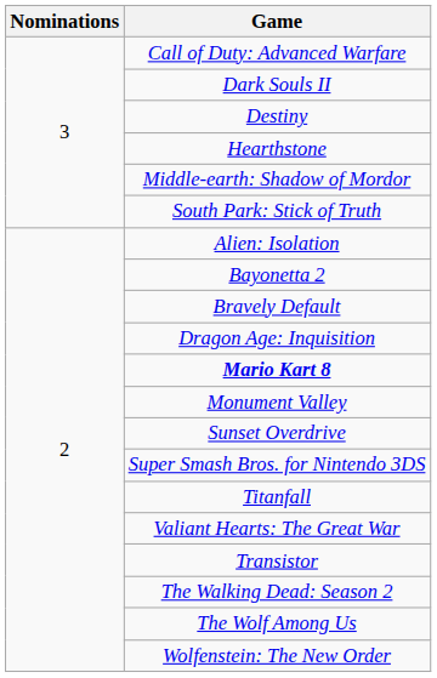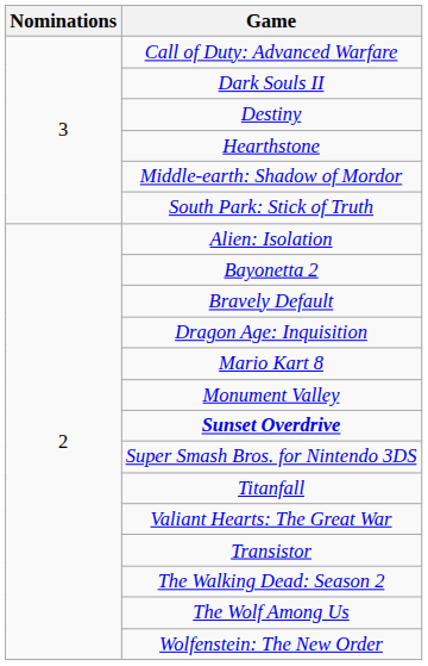 <table class="wikitable" style="text-align:center;">
 <tr>
 <th scope="col" width="55">Nominations</th>
 <th scope="col" align="center">Game</th>
 </tr>
 <tr>
 <td rowspan=6 style-"text-align:center">3</td>
 <td><em><a href='#'>Call of Duty: Advanced Warfare</a></em></td>
 </tr>
 <tr>
 <td><em><a href='#'>Dark Souls II</a></em></td>
 </tr>
 <tr>
 <td><em><a href='#'>Destiny</a></em></td>
 </tr>
 <tr>
 <td><em><a href='#'>Hearthstone</a></em></td>
 </tr>
 <tr>
 <td><em><a href='#'>Middle-earth: Shadow of Mordor</a></em></td>
 </tr>
 <tr>
 <td><em><a href='#'>South Park: Stick of Truth</a></em></td>
 </tr>
 <tr>
 <td rowspan=14 style-"text-align:center">2</td>
 <td><em><a href='#'>Alien: Isolation</a></em></td>
 </tr>
 <tr>
 <td><em><a href='#'>Bayonetta 2</a></em></td>
 </tr>
 <tr>
 <td><em><a href='#'>Bravely Default</a></em></td>
 </tr>
 <tr>
 <td><em><a href='#'>Dragon Age: Inquisition</a></em></td>
 </tr>
 <tr>
-<td><strong><em><a href='#'>Mario Kart 8</a></em></strong></td>
+<td><em><a href='#'>Mario Kart 8</a></em></td>
 </tr>
 <tr>
 <td><em><a href='#'>Monument Valley</a></em></td>
 </tr>
 <tr>
-<td><em><a href='#'>Sunset Overdrive</a></em></td>
+<td><strong><em><a href='#'>Sunset Overdrive</a></em></strong></td>
 </tr>
 <tr>
 <td><em><a href='#'>Super Smash Bros. for Nintendo 3DS</a></em></td>
 </tr>
 <tr>
 <td><em><a href='#'>Titanfall</a></em></td>
 </tr>
 <tr>
 <td><em><a href='#'>Valiant Hearts: The Great War</a></em></td>
 </tr>
 <tr>
 <td><em><a href='#'>Transistor</a></em></td>
 </tr>
 <tr>
 <td><em><a href='#'>The Walking Dead: Season 2</a></em></td>
 </tr>
 <tr>
 <td><em><a href='#'>The Wolf Among Us</a></em></td>
 </tr>
 <tr>
 <td><em><a href='#'>Wolfenstein: The New Order</a></em></td>
 </tr>
 </table>
